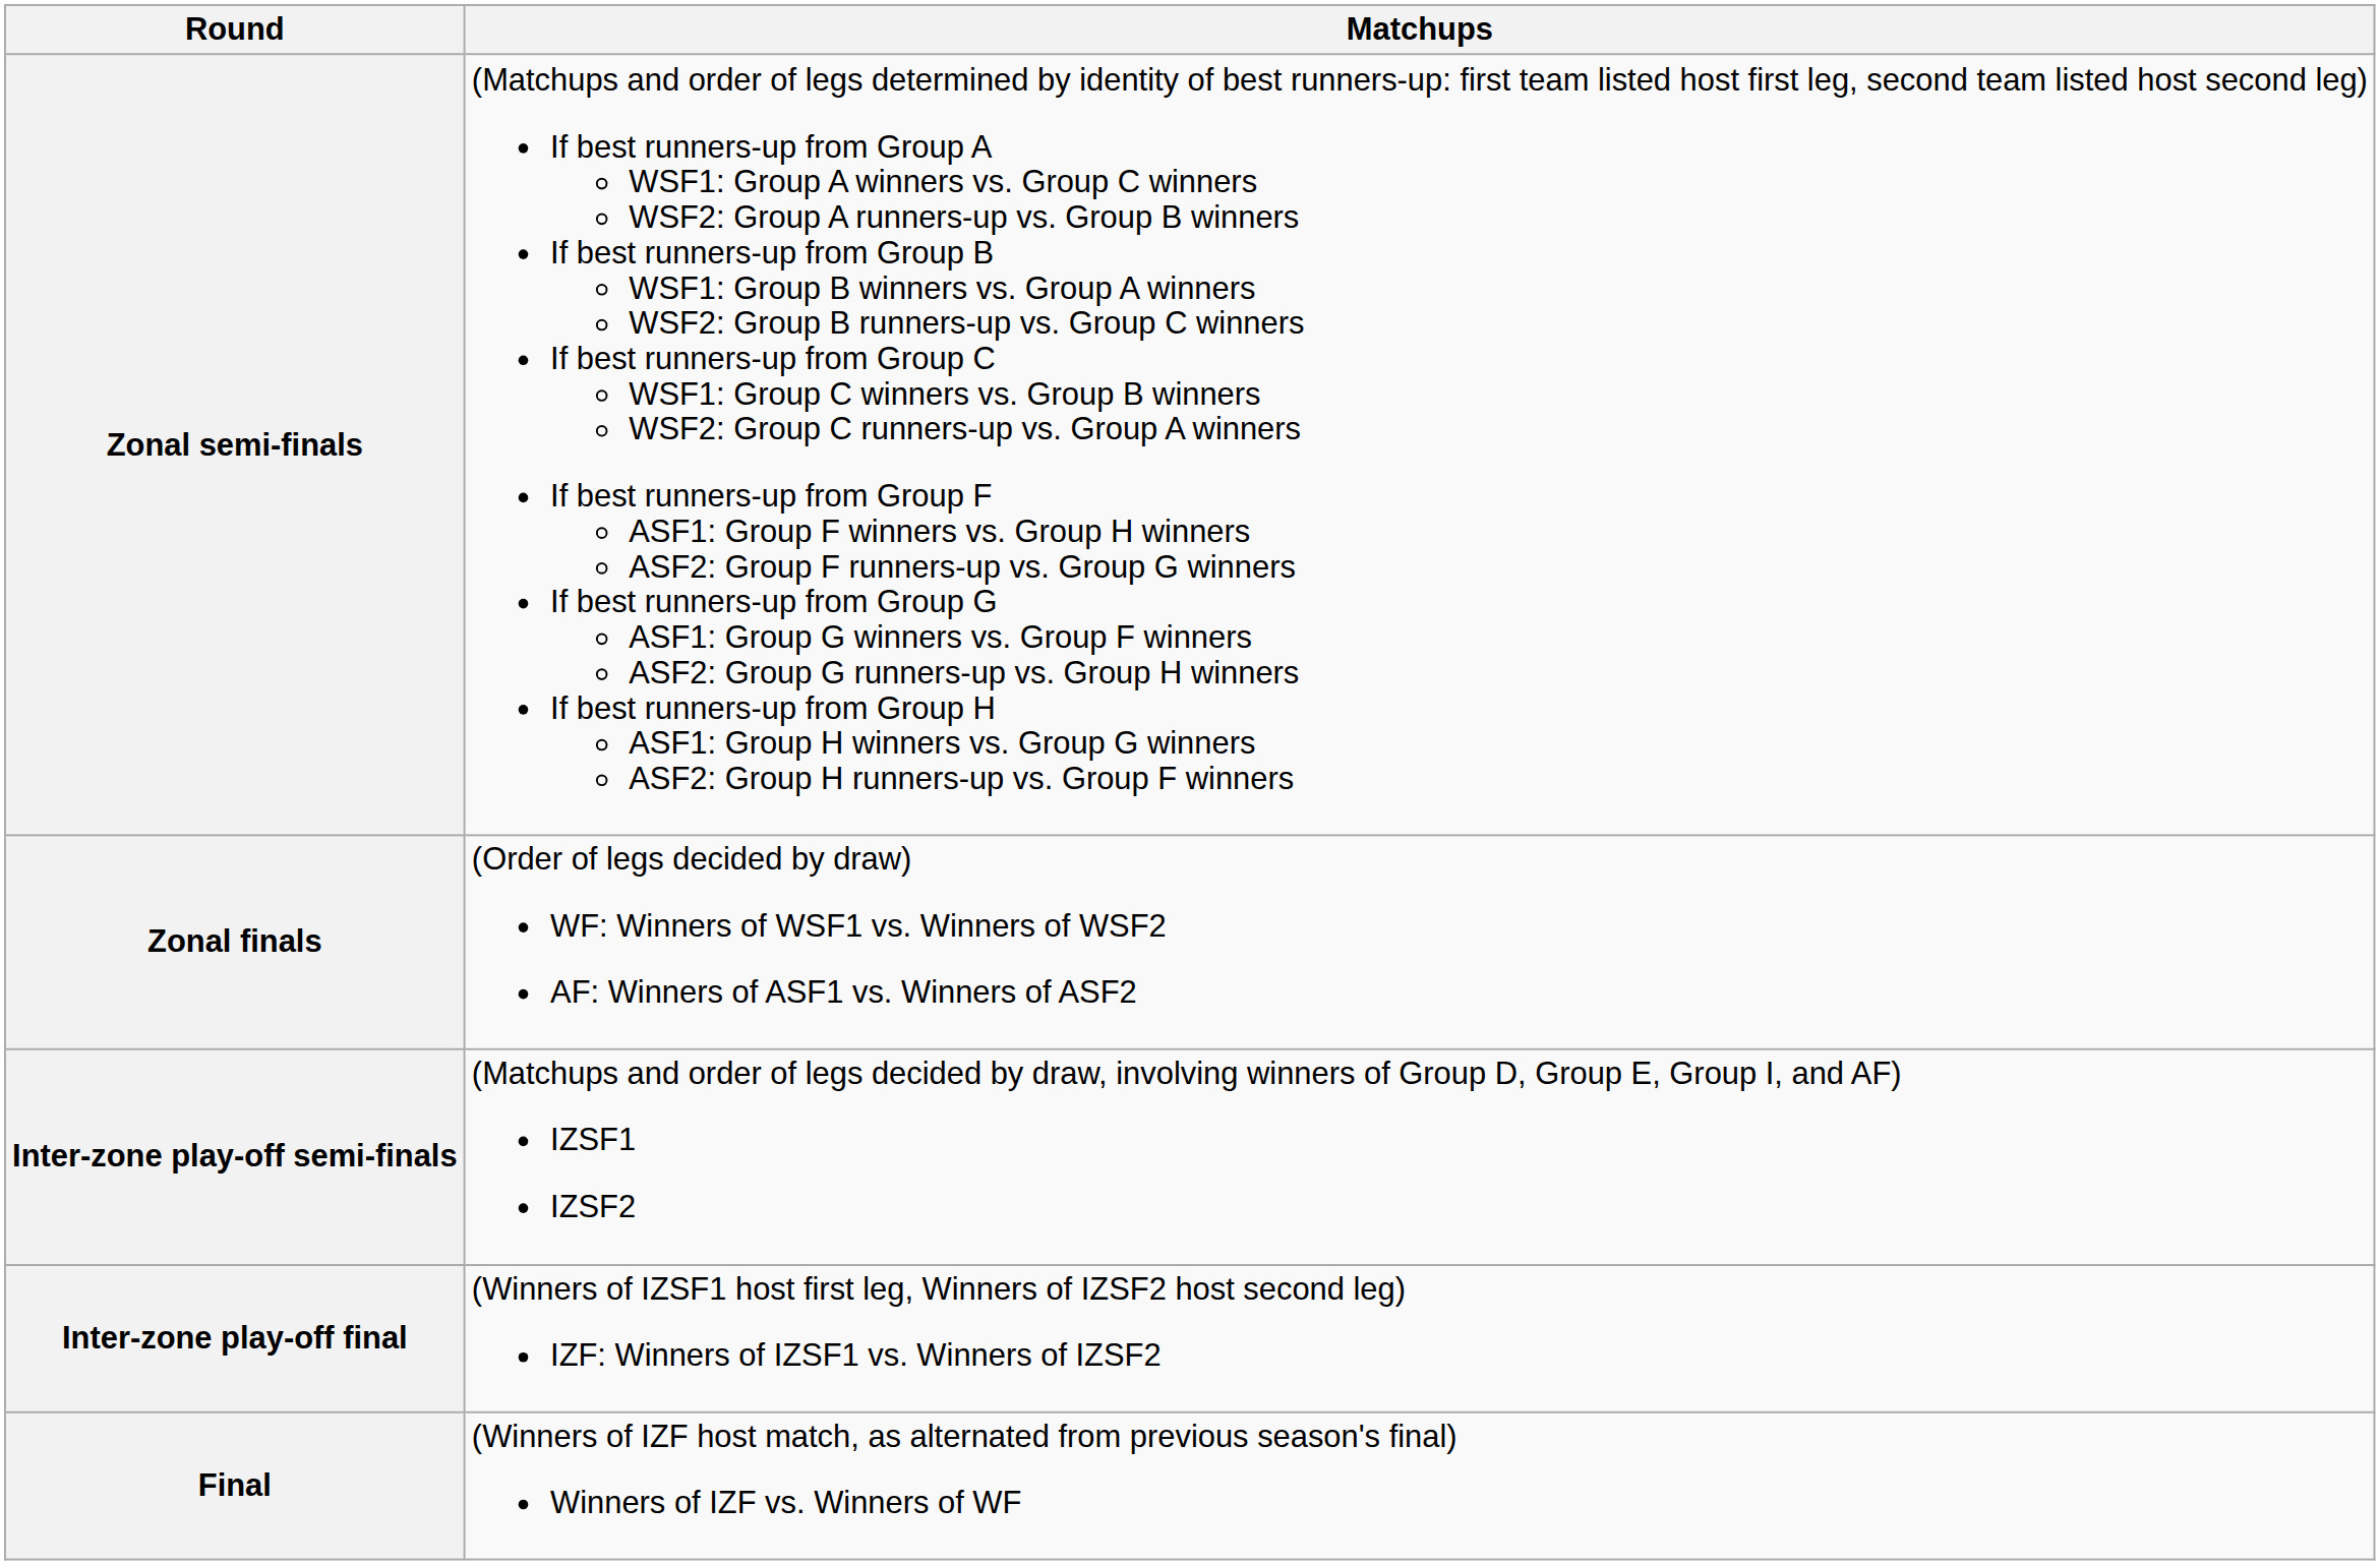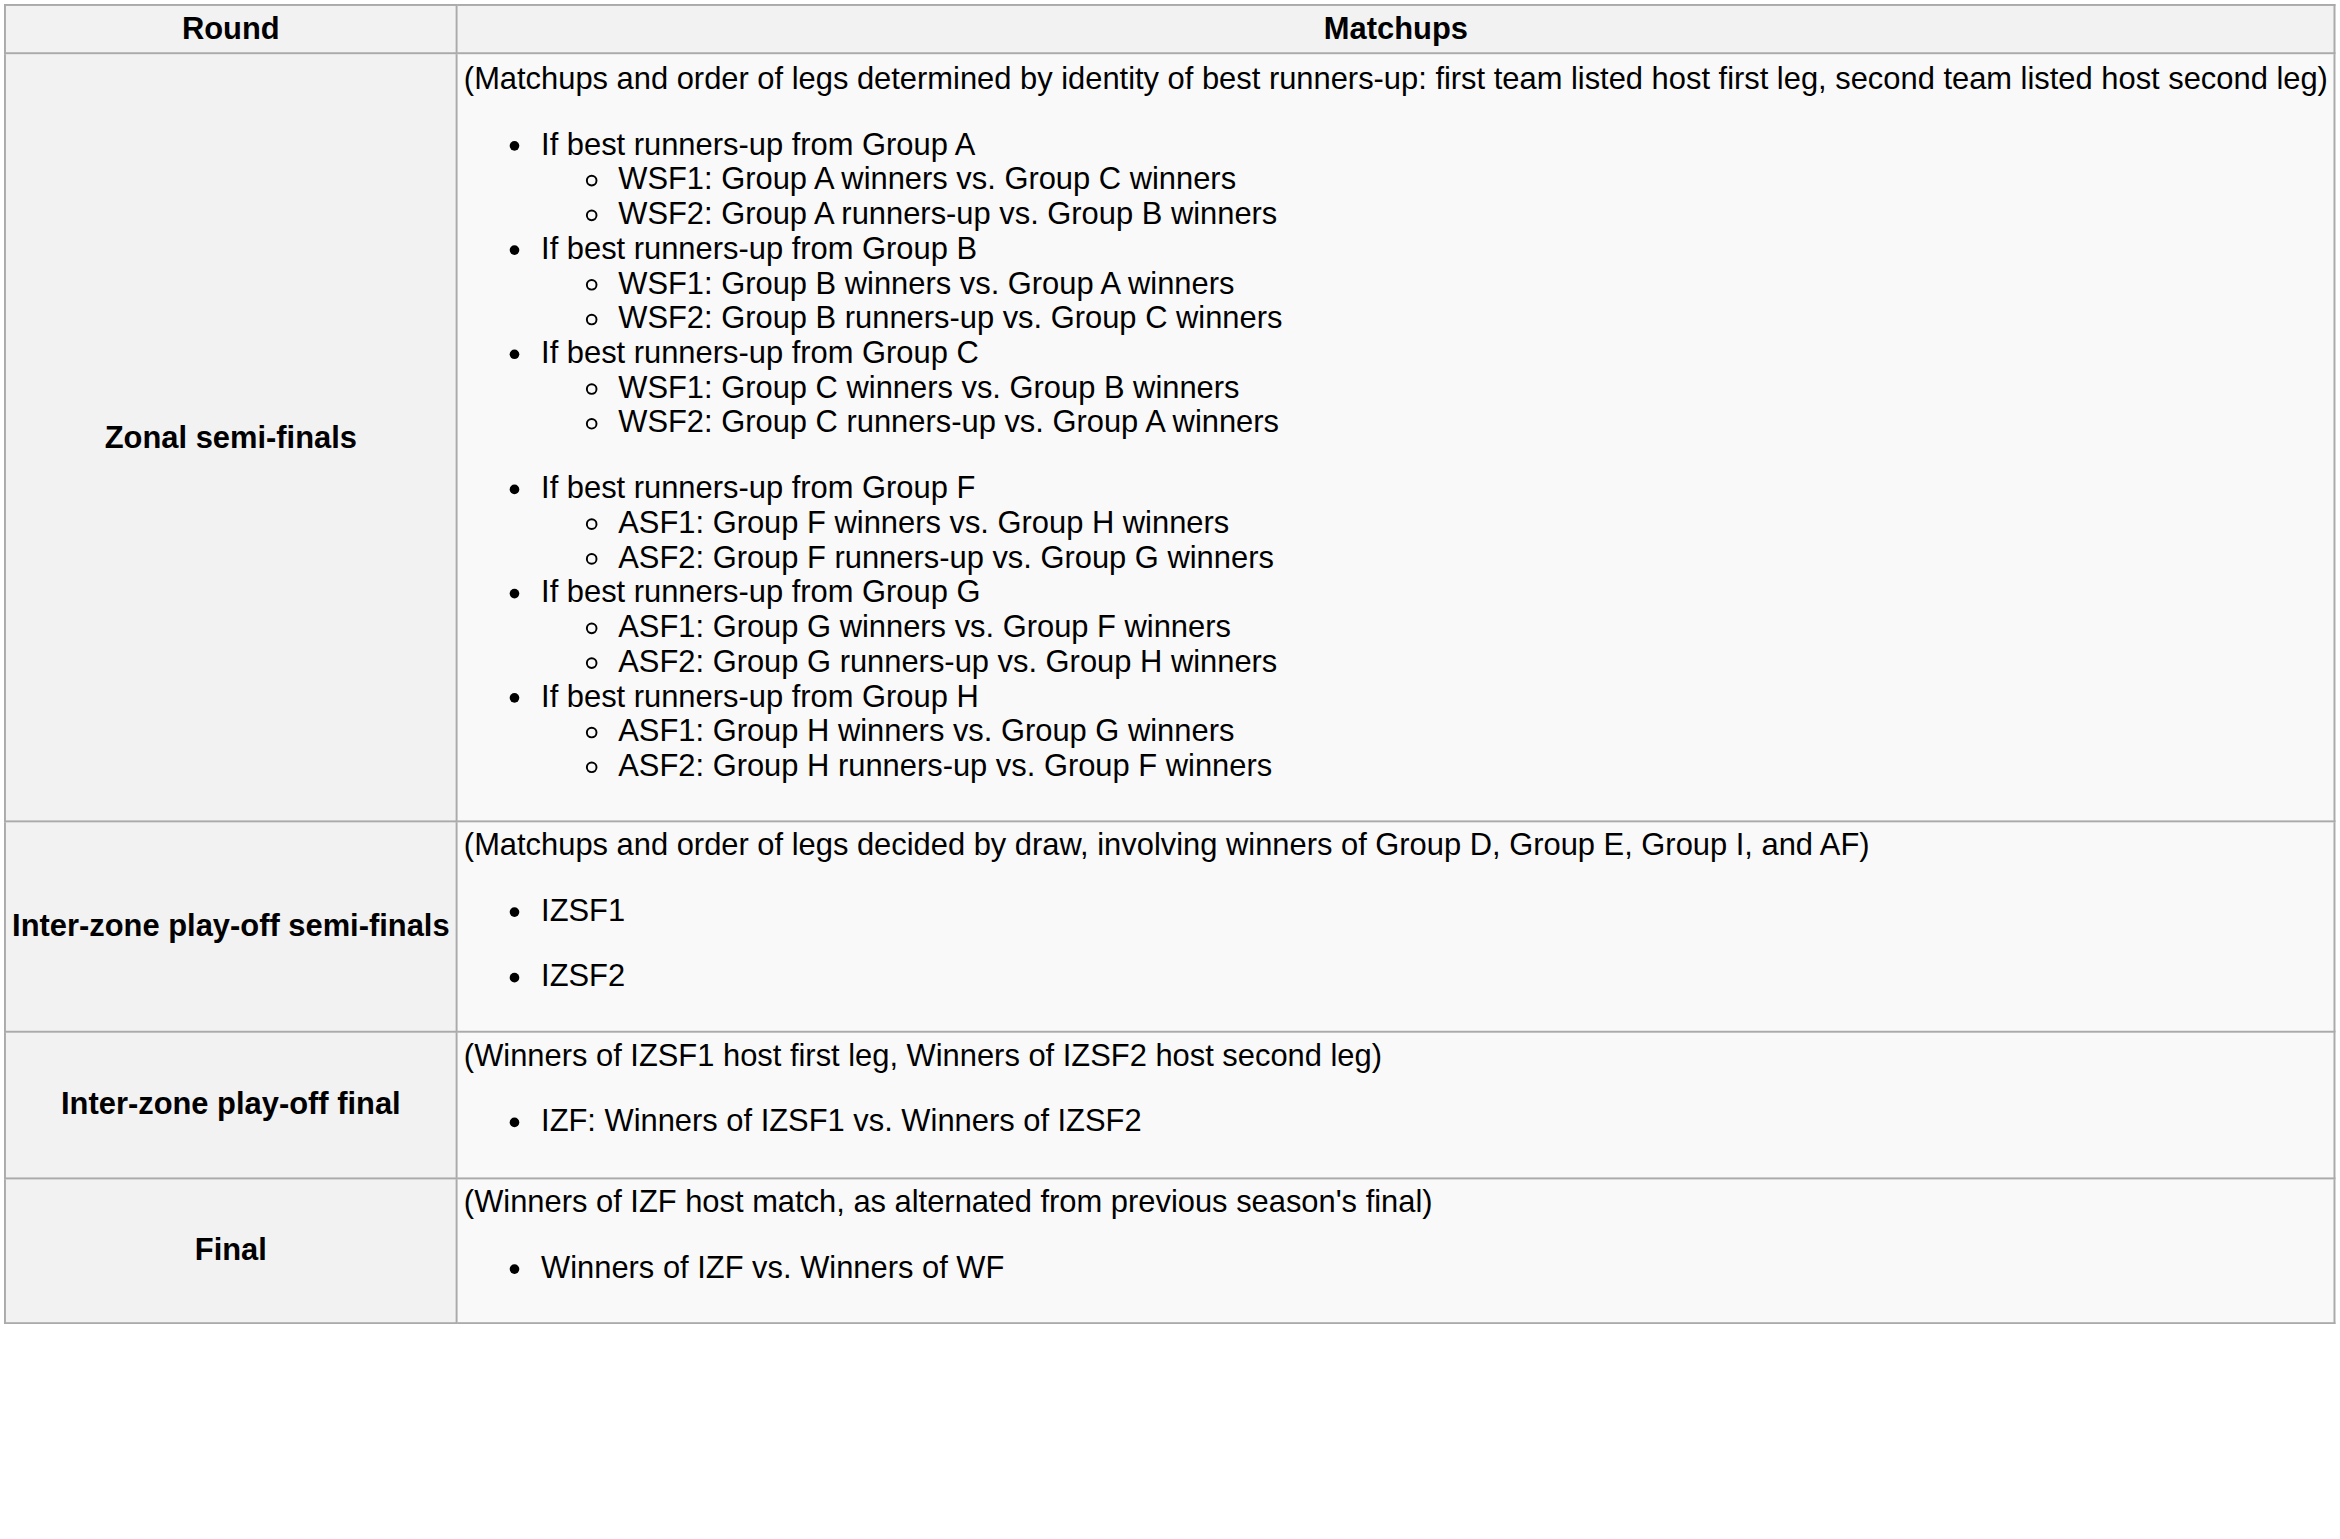 <table class=wikitable>
 <tr>
 <th>Round</th>
 <th>Matchups</th>
 </tr>
 <tr>
 <th>Zonal semi-finals</th>
 <td>(Matchups and order of legs determined by identity of best runners-up: first team listed host first leg, second team listed host second leg)<br> <ul><li>If best runners-up from Group A<ul><li>WSF1: Group A winners vs. Group C winners</li><li>WSF2: Group A runners-up vs. Group B winners</li></ul></li><li>If best runners-up from Group B<ul><li>WSF1: Group B winners vs. Group A winners</li><li>WSF2: Group B runners-up vs. Group C winners</li></ul></li><li>If best runners-up from Group C<ul><li>WSF1: Group C winners vs. Group B winners</li><li>WSF2: Group C runners-up vs. Group A winners</li></ul></li></ul><ul><li>If best runners-up from Group F<ul><li>ASF1: Group F winners vs. Group H winners</li><li>ASF2: Group F runners-up vs. Group G winners</li></ul></li><li>If best runners-up from Group G<ul><li>ASF1: Group G winners vs. Group F winners</li><li>ASF2: Group G runners-up vs. Group H winners</li></ul></li><li>If best runners-up from Group H<ul><li>ASF1: Group H winners vs. Group G winners</li><li>ASF2: Group H runners-up vs. Group F winners</li></ul></li></ul></td>
-</tr>
-<tr>
-<th>Zonal finals</th>
-<td>(Order of legs decided by draw)<br> <ul><li>WF: Winners of WSF1 vs. Winners of WSF2</li></ul><ul><li>AF: Winners of ASF1 vs. Winners of ASF2</li></ul></td>
 </tr>
 <tr>
 <th>Inter-zone play-off semi-finals</th>
 <td>(Matchups and order of legs decided by draw, involving winners of Group D, Group E, Group I, and AF)<br> <ul><li>IZSF1</li></ul><ul><li>IZSF2</li></ul></td>
 </tr>
 <tr>
 <th>Inter-zone play-off final</th>
 <td>(Winners of IZSF1 host first leg, Winners of IZSF2 host second leg)<br><ul><li>IZF: Winners of IZSF1 vs. Winners of IZSF2</li></ul></td>
 </tr>
 <tr>
 <th>Final</th>
 <td>(Winners of IZF host match, as alternated from previous season's final)<br><ul><li>Winners of IZF vs. Winners of WF</li></ul></td>
 </tr>
 </table>
